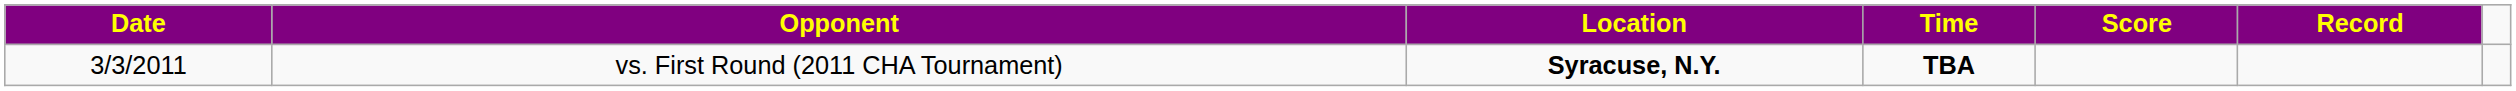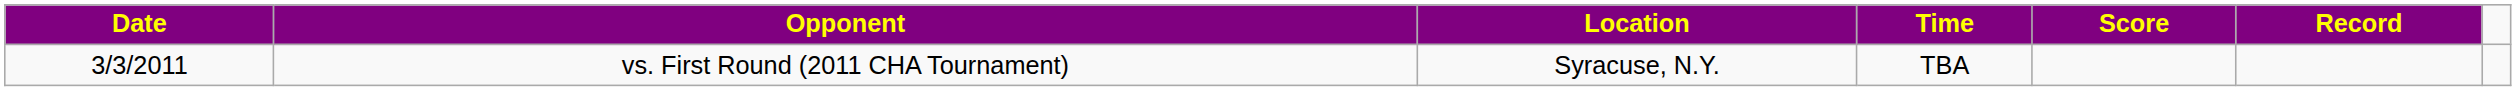 <table class="wikitable" style="width:80%;">
 <tr style="text-align:center; background:purple; color:yellow;">
 <td><strong>Date</strong></td>
 <td><strong>Opponent</strong></td>
 <td><strong>Location</strong></td>
 <td><strong>Time</strong></td>
 <td><strong>Score</strong></td>
 <td><strong>Record</strong></td>
 </tr>
 <tr style="text-align:center;" bgcolor="">
 <td>3/3/2011</td>
 <td>vs. First Round (2011 CHA Tournament)</td>
-<td><strong>Syracuse, N.Y.</strong></td>
-<td><strong>TBA</strong></td>
+<td>Syracuse, N.Y.</td>
+<td>TBA</td>
 <td></td>
 <td></td>
 <td></td>
 </tr>
 </table>
